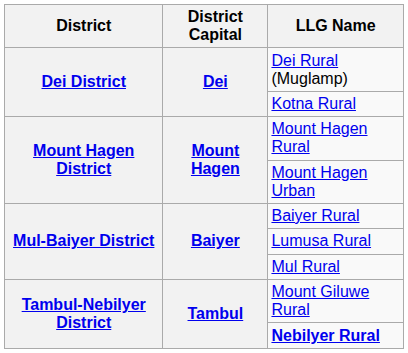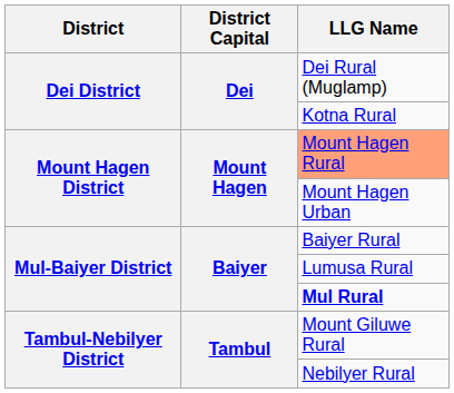 <table class="wikitable" style="text-align: left;" width="400">
 <tr>
 <th>District</th>
 <th>District Capital</th>
 <th>LLG Name</th>
 </tr>
 <tr>
 <th rowspan="2"><a href='#'>Dei District</a></th>
 <th rowspan="2"><a href='#'>Dei</a></th>
 <td><a href='#'>Dei Rural</a> (Muglamp)</td>
 </tr>
 <tr>
 <td><a href='#'>Kotna Rural</a></td>
 </tr>
 <tr>
 <th rowspan="2"><a href='#'>Mount Hagen District</a></th>
 <th rowspan="2"><a href='#'>Mount Hagen</a></th>
-<td><a href='#'>Mount Hagen Rural</a></td>
+<td style="background: lightsalmon;"><a href='#'>Mount Hagen Rural</a></td>
 </tr>
 <tr>
 <td><a href='#'>Mount Hagen Urban</a></td>
 </tr>
 <tr>
 <th rowspan="3"><a href='#'>Mul-Baiyer District</a></th>
 <th rowspan="3"><a href='#'>Baiyer</a></th>
 <td><a href='#'>Baiyer Rural</a></td>
 </tr>
 <tr>
 <td><a href='#'>Lumusa Rural</a></td>
 </tr>
 <tr>
-<td><a href='#'>Mul Rural</a></td>
+<td><strong><a href='#'>Mul Rural</a></strong></td>
 </tr>
 <tr>
 <th rowspan="2"><a href='#'>Tambul-Nebilyer District</a></th>
 <th rowspan="2"><a href='#'>Tambul</a></th>
 <td><a href='#'>Mount Giluwe Rural</a></td>
 </tr>
 <tr>
-<td><strong><a href='#'>Nebilyer Rural</a></strong></td>
+<td><a href='#'>Nebilyer Rural</a></td>
 </tr>
 </table>
